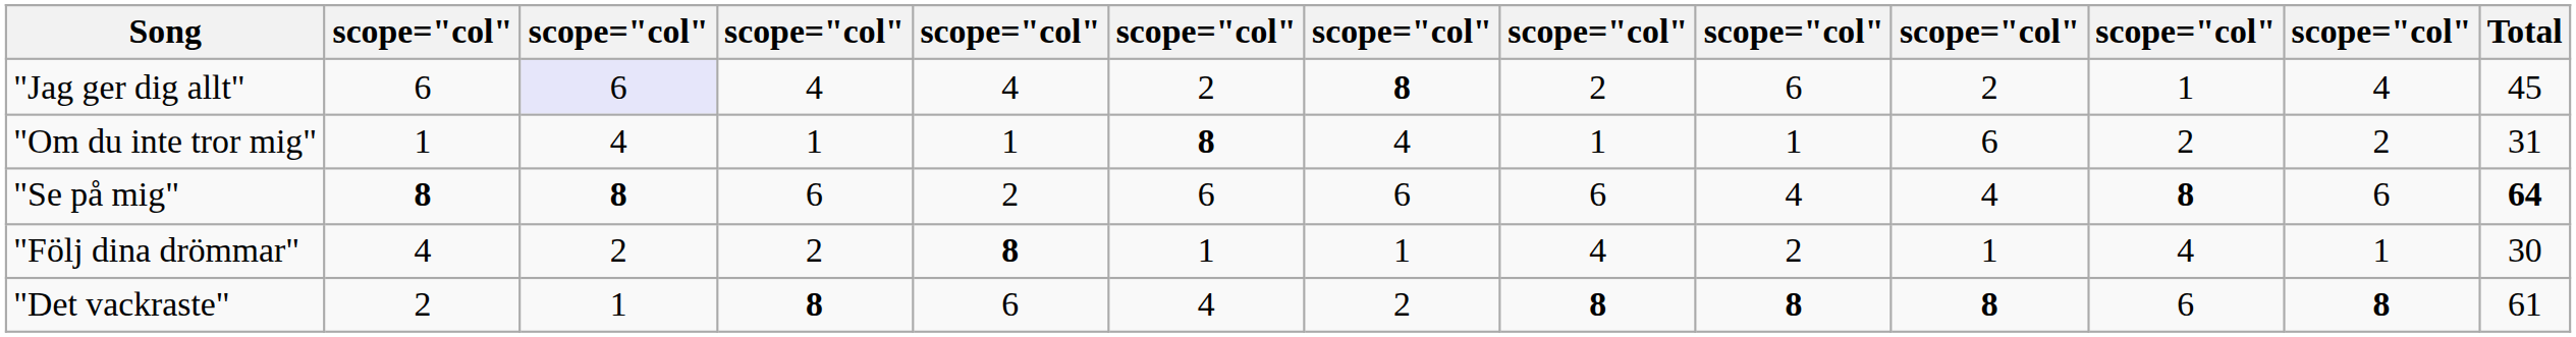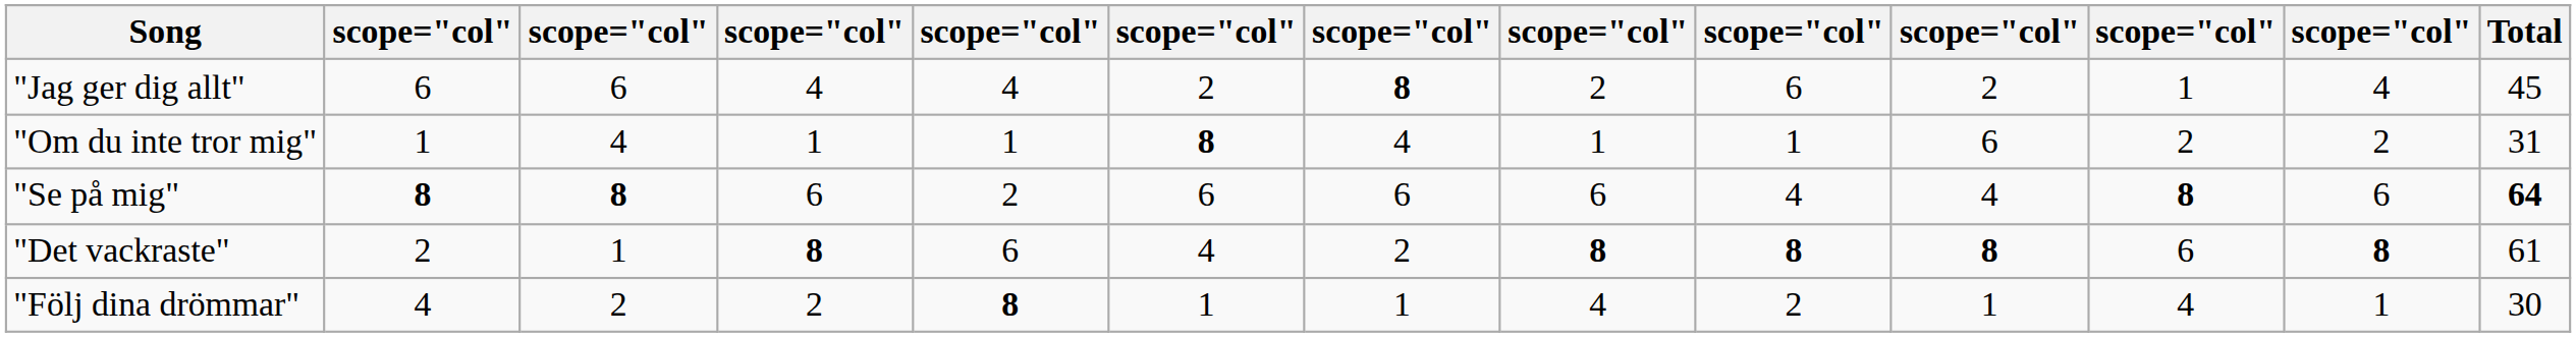 <table class="wikitable plainrowheaders" style="margin: 1em auto 1em auto; text-align:center;">
 <tr>
 </tr>
 <tr>
 <th scope="col">Song</th>
 <th>scope="col" </th>
 <th>scope="col" </th>
 <th>scope="col" </th>
 <th>scope="col" </th>
 <th>scope="col" </th>
 <th>scope="col" </th>
 <th>scope="col" </th>
 <th>scope="col" </th>
 <th>scope="col" </th>
 <th>scope="col" </th>
 <th>scope="col" </th>
 <th scope="col">Total</th>
 </tr>
 <tr --->
 <td align="left">"Jag ger dig allt"</td>
 <td>6</td>
-<td style="background: lavender;">6</td>
+<td>6</td>
 <td>4</td>
 <td>4</td>
 <td>2</td>
 <td><strong>8</strong></td>
 <td>2</td>
 <td>6</td>
 <td>2</td>
 <td>1</td>
 <td>4</td>
 <td>45</td>
 </tr>
 <tr --->
 <td align="left">"Om du inte tror mig"</td>
 <td>1</td>
 <td>4</td>
 <td>1</td>
 <td>1</td>
 <td><strong>8</strong></td>
 <td>4</td>
 <td>1</td>
 <td>1</td>
 <td>6</td>
 <td>2</td>
 <td>2</td>
 <td>31</td>
 </tr>
 <tr --->
 <td align="left">"Se på mig"</td>
 <td><strong>8</strong></td>
 <td><strong>8</strong></td>
 <td>6</td>
 <td>2</td>
 <td>6</td>
 <td>6</td>
 <td>6</td>
 <td>4</td>
 <td>4</td>
 <td><strong>8</strong></td>
 <td>6</td>
 <td><strong>64</strong></td>
 </tr>
 <tr --->
+<td align="left">"Det vackraste"</td>
+<td>2</td>
+<td>1</td>
+<td><strong>8</strong></td>
+<td>6</td>
+<td>4</td>
+<td>2</td>
+<td><strong>8</strong></td>
+<td><strong>8</strong></td>
+<td><strong>8</strong></td>
+<td>6</td>
+<td><strong>8</strong></td>
+<td>61</td>
+</tr>
+<tr --->
 <td align="left">"Följ dina drömmar"</td>
 <td>4</td>
 <td>2</td>
 <td>2</td>
 <td><strong>8</strong></td>
 <td>1</td>
 <td>1</td>
 <td>4</td>
 <td>2</td>
 <td>1</td>
 <td>4</td>
 <td>1</td>
 <td>30</td>
 </tr>
-<tr --->
-<td align="left">"Det vackraste"</td>
-<td>2</td>
-<td>1</td>
-<td><strong>8</strong></td>
-<td>6</td>
-<td>4</td>
-<td>2</td>
-<td><strong>8</strong></td>
-<td><strong>8</strong></td>
-<td><strong>8</strong></td>
-<td>6</td>
-<td><strong>8</strong></td>
-<td>61</td>
-</tr>
 </table>
